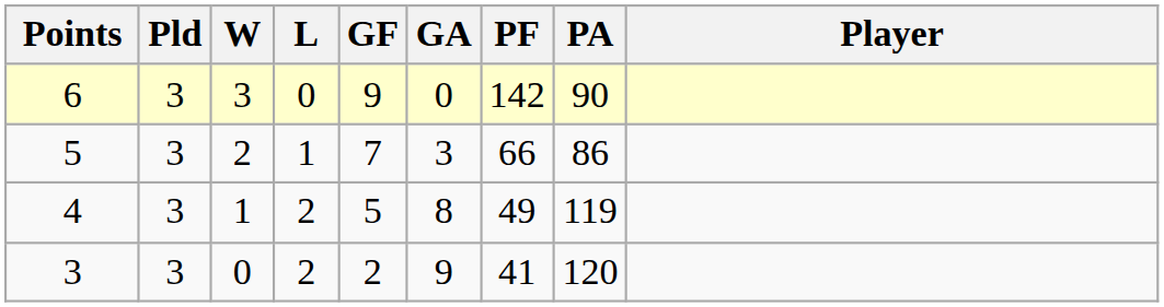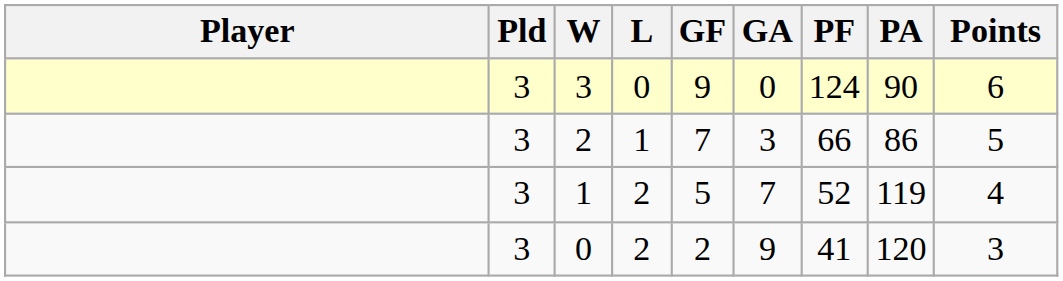 <table class=wikitable style="text-align:center;">
 <tr>
-<th width=50>Points</th>
+<th width=220>Player</th>
 <th width=20>Pld</th>
 <th width=20>W</th>
 <th width=20>L</th>
 <th width=20>GF</th>
 <th width=20>GA</th>
 <th width=20>PF</th>
 <th width=20>PA</th>
-<th width=220>Player</th>
+<th width=50>Points</th>
 </tr>
 <tr bgcolor=#ffffcc>
-<td>6</td>
+<td style="text-align:left;"></td>
 <td>3</td>
 <td>3</td>
 <td>0</td>
 <td>9</td>
 <td>0</td>
-<td>142</td>
+<td>124</td>
 <td>90</td>
-<td style="text-align:left;"></td>
+<td>6</td>
 </tr>
 <tr>
-<td>5</td>
+<td style="text-align:left;"></td>
 <td>3</td>
 <td>2</td>
 <td>1</td>
 <td>7</td>
 <td>3</td>
 <td>66</td>
 <td>86</td>
-<td style="text-align:left;"></td>
+<td>5</td>
 </tr>
 <tr>
-<td>4</td>
+<td style="text-align:left;"></td>
 <td>3</td>
 <td>1</td>
 <td>2</td>
 <td>5</td>
-<td>8</td>
-<td>49</td>
+<td>7</td>
+<td>52</td>
 <td>119</td>
-<td style="text-align:left;"></td>
+<td>4</td>
 </tr>
 <tr>
-<td>3</td>
+<td style="text-align:left;"></td>
 <td>3</td>
 <td>0</td>
 <td>2</td>
 <td>2</td>
 <td>9</td>
 <td>41</td>
 <td>120</td>
-<td style="text-align:left;"></td>
+<td>3</td>
 </tr>
 </table>
